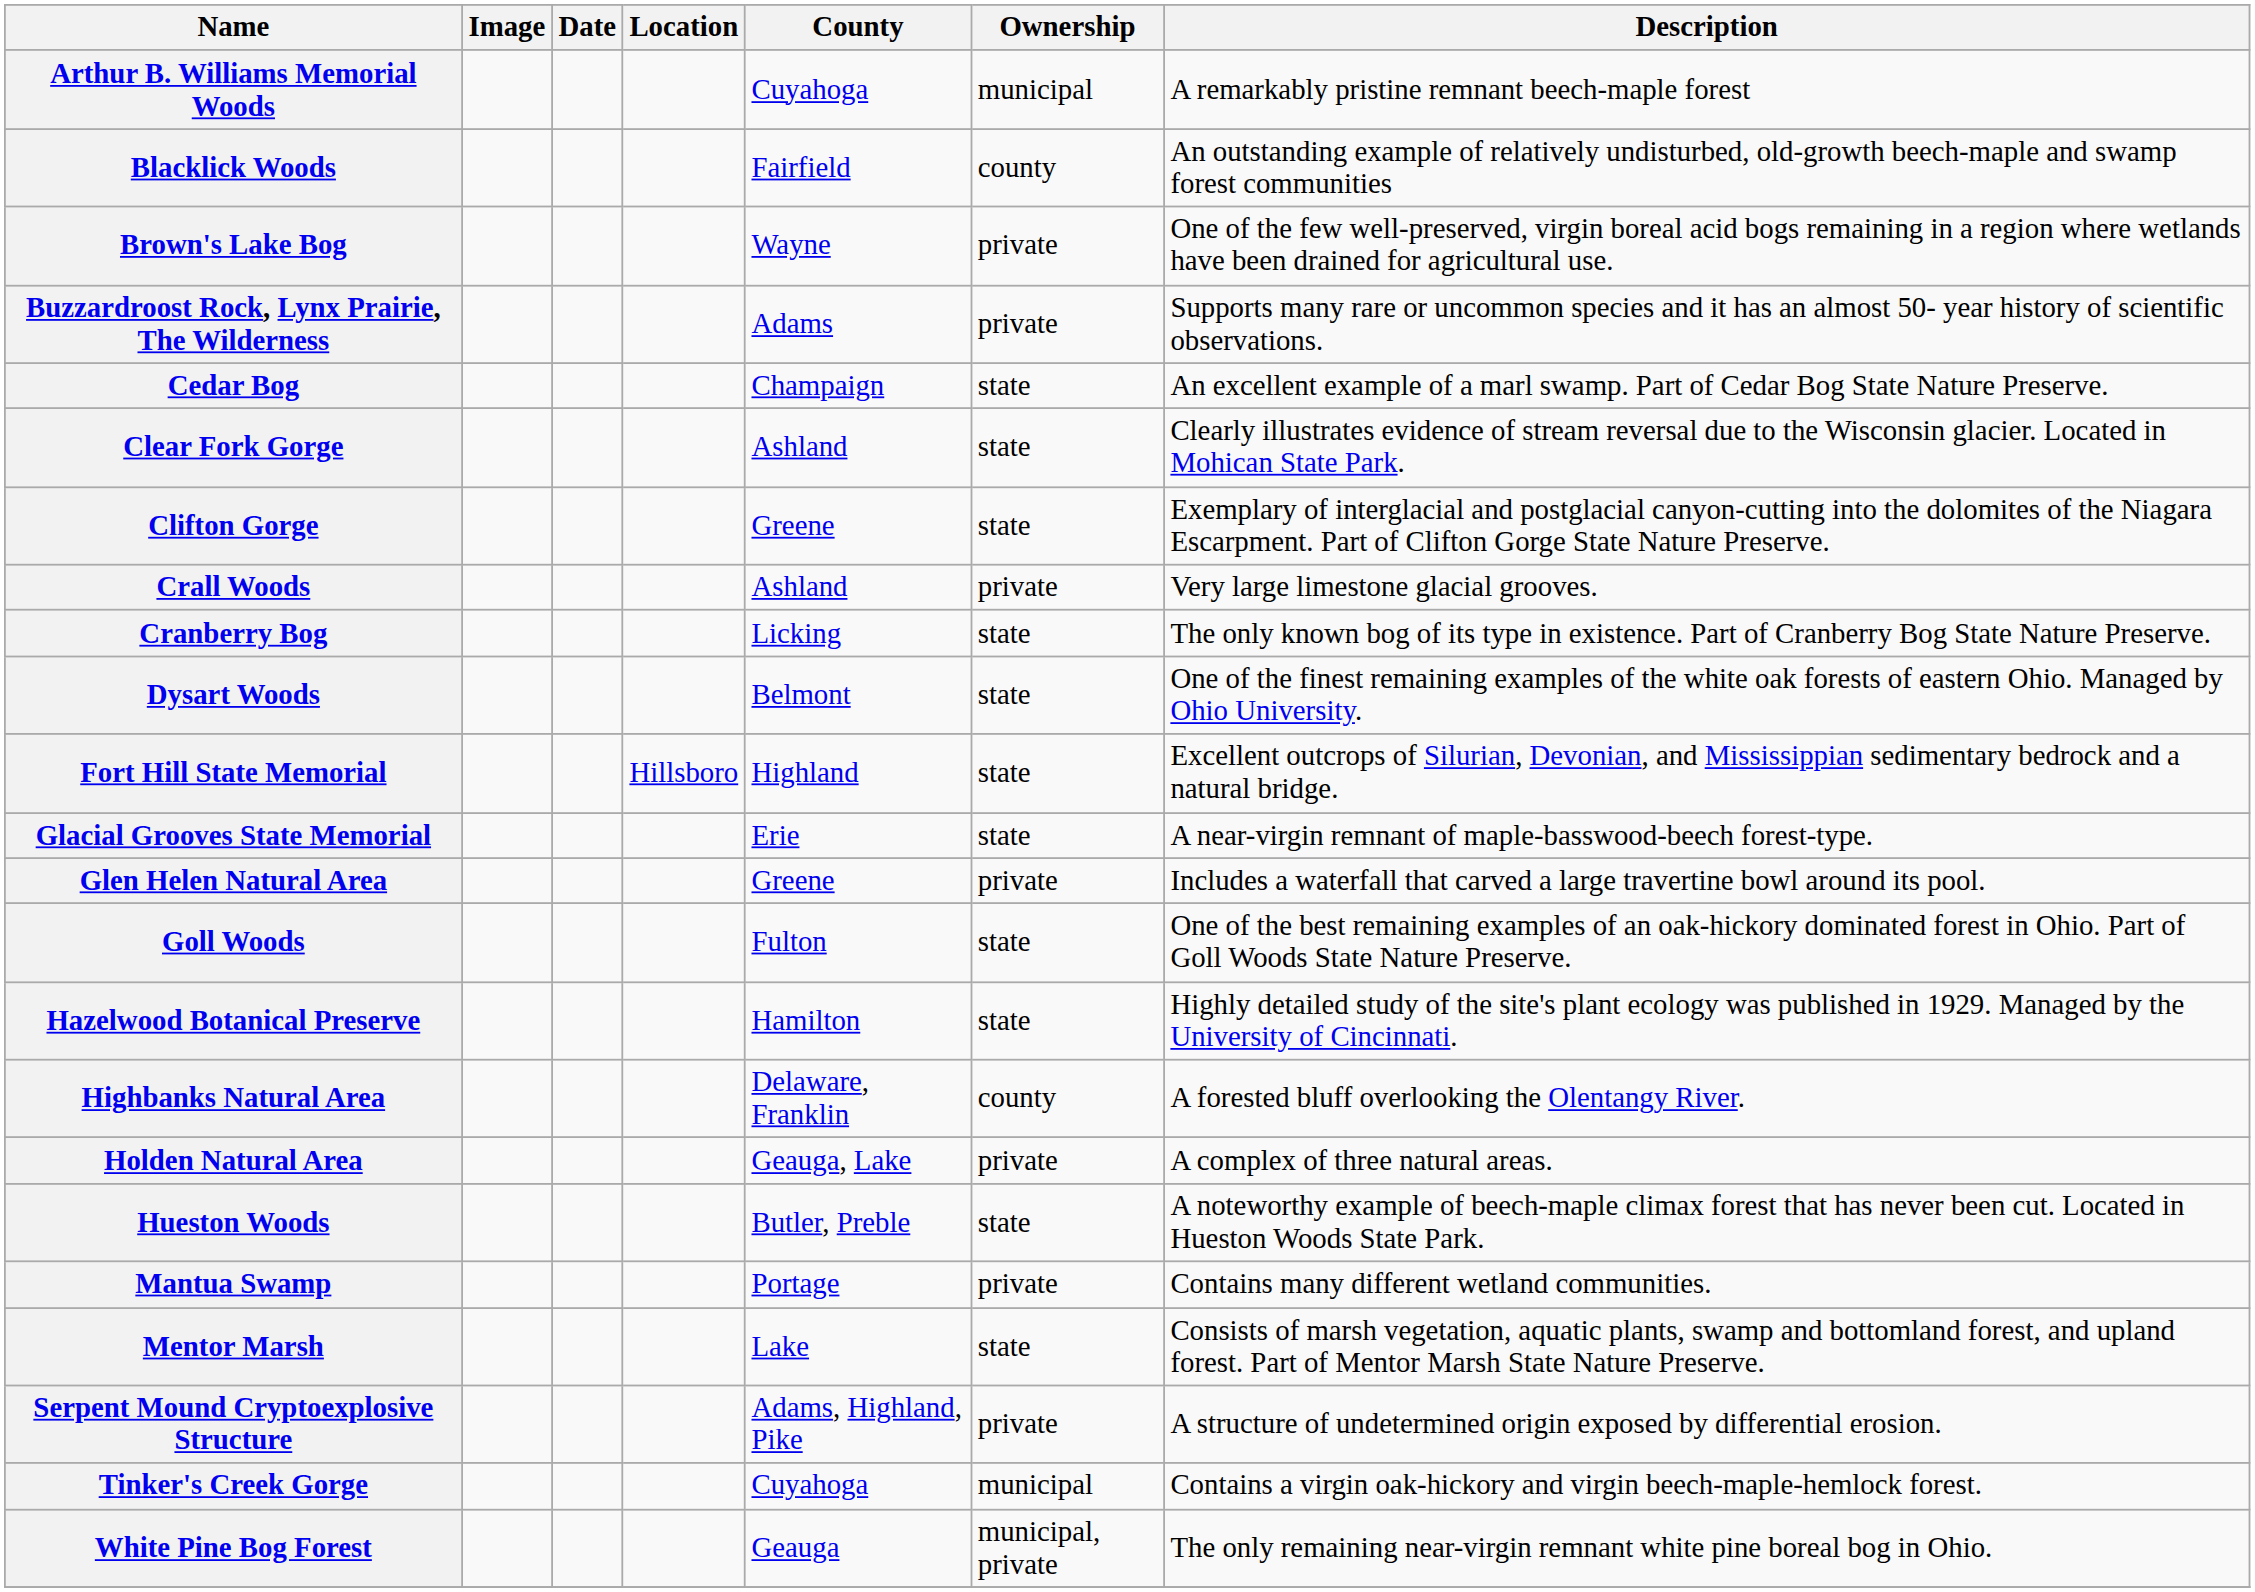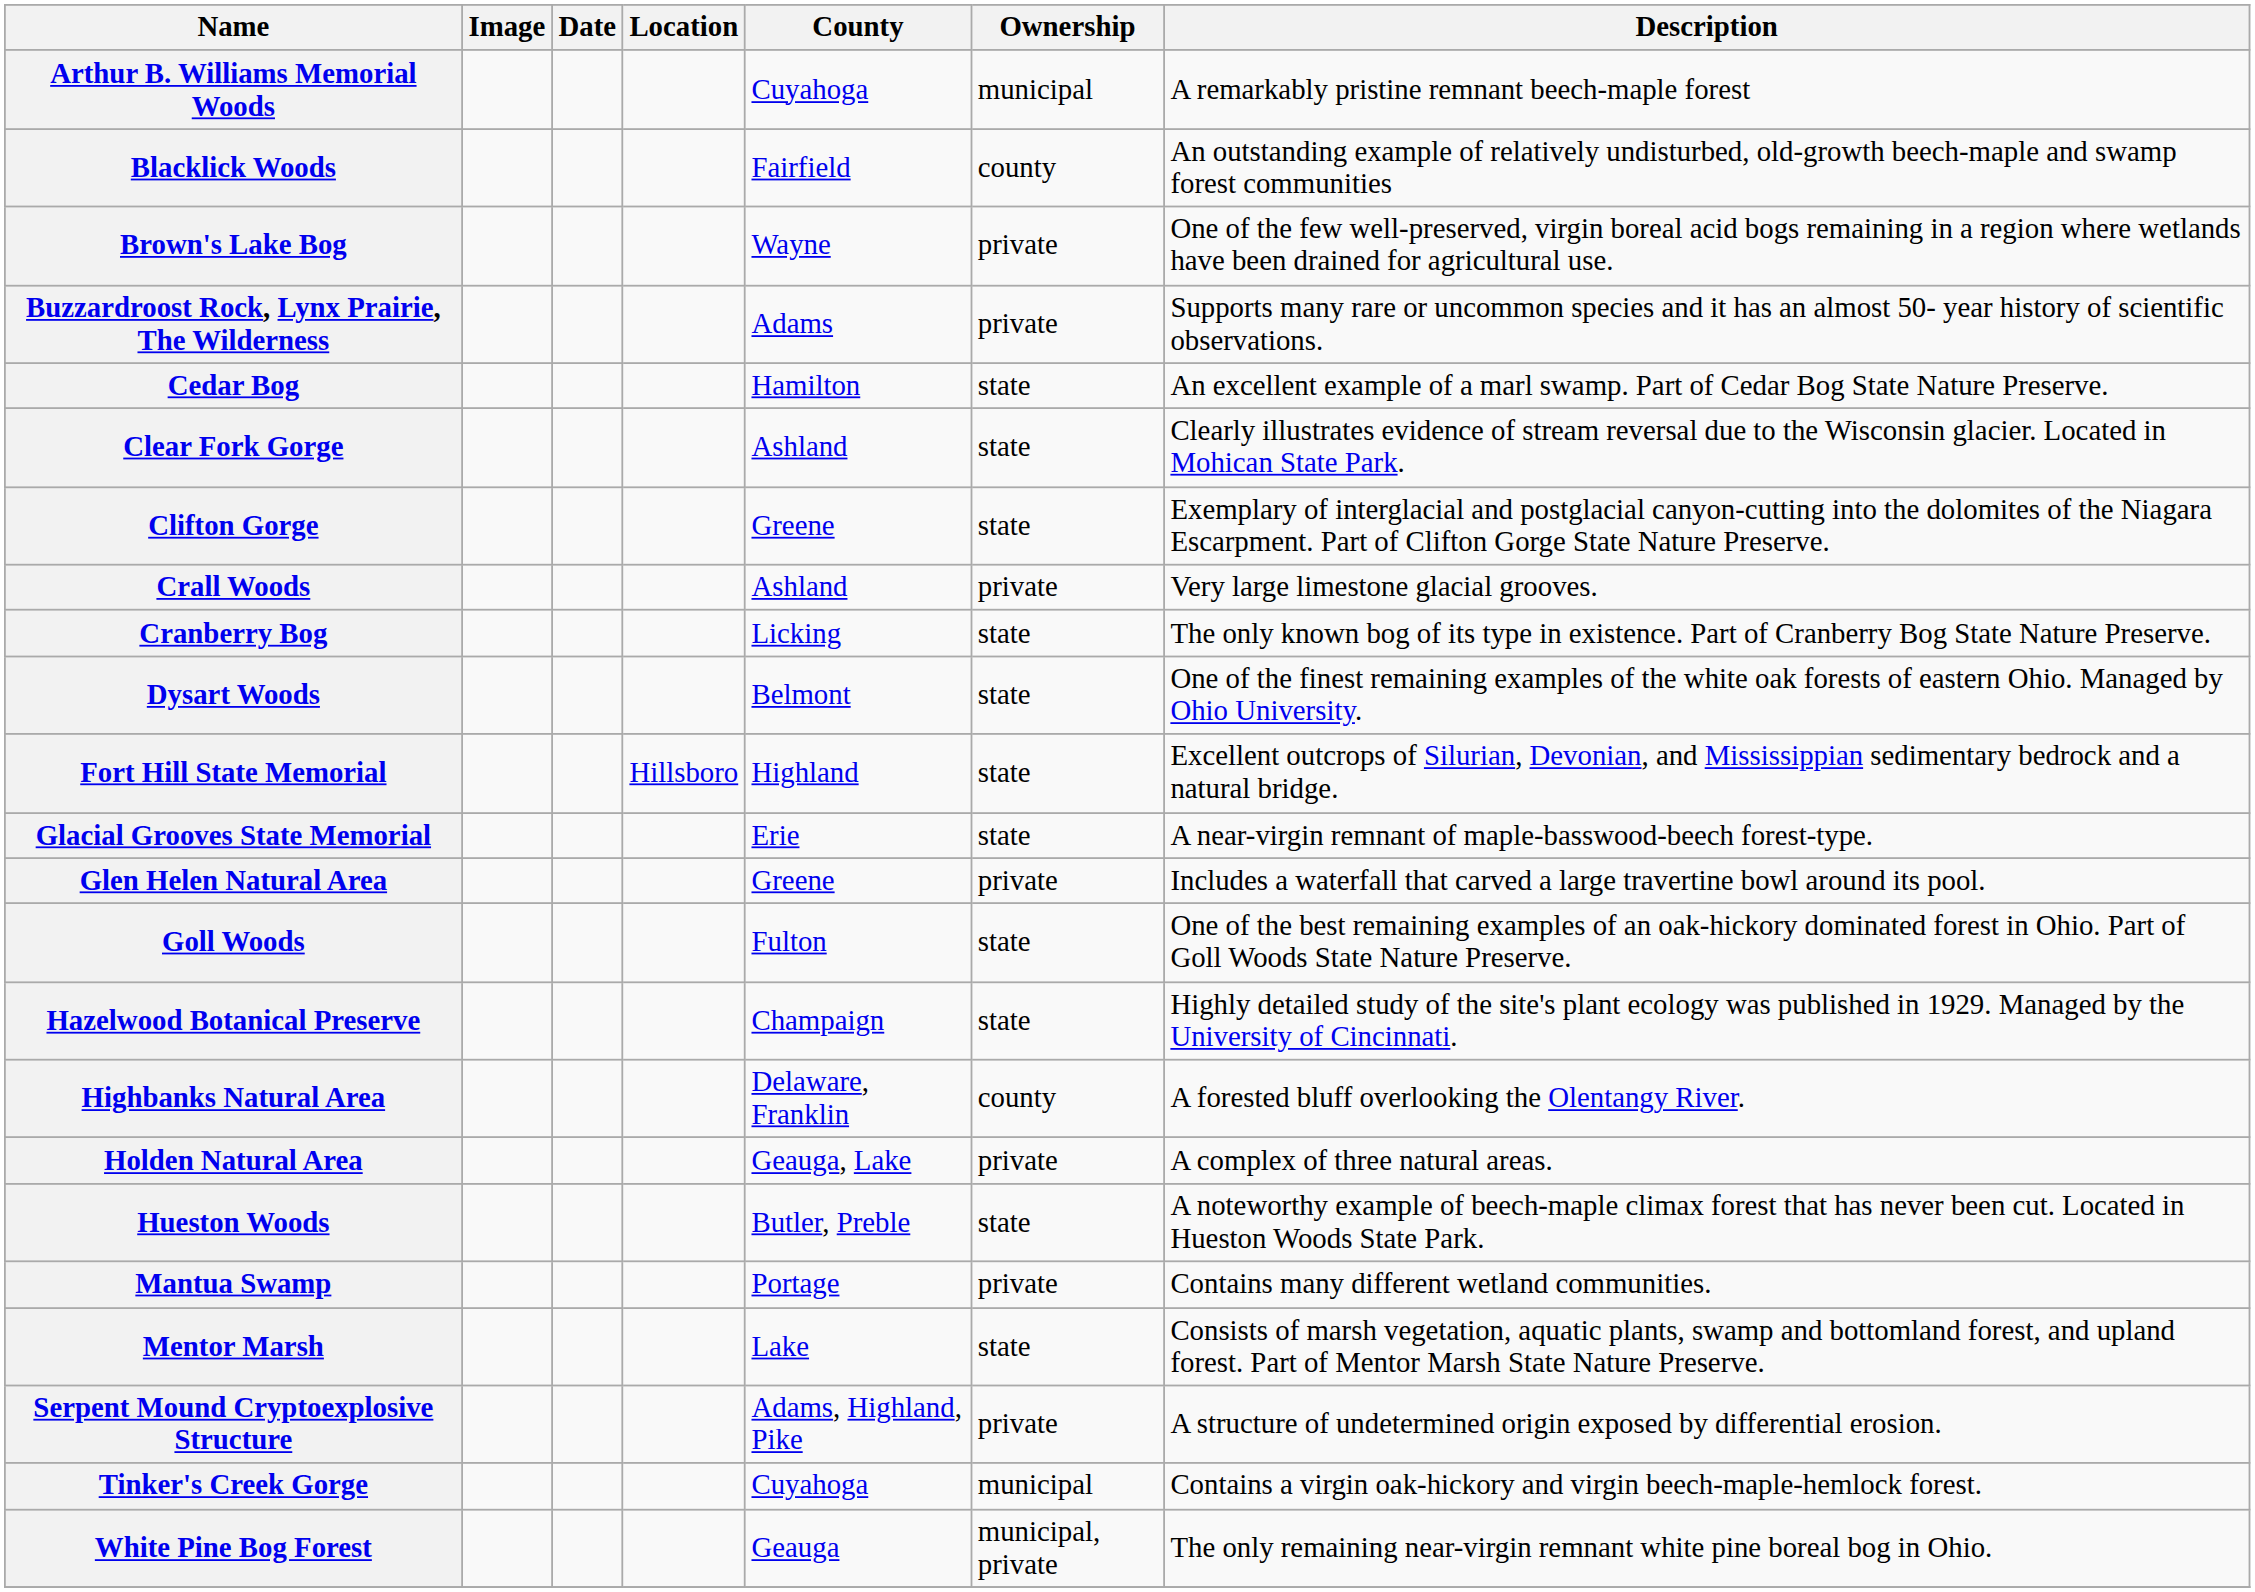 <table class="wikitable sortable" align="center">
 <tr>
 <th style="background-color:">Name</th>
 <th style="background-color:">Image</th>
 <th style="background-color:">Date</th>
 <th style="background-color:">Location</th>
 <th style="background-color:">County</th>
 <th style="background-color:">Ownership</th>
 <th style="background-color:">Description</th>
 </tr>
 <tr>
 <th><a href='#'>Arthur B. Williams Memorial Woods</a></th>
 <td></td>
 <td></td>
 <td></td>
 <td><a href='#'>Cuyahoga</a></td>
 <td>municipal</td>
 <td>A remarkably pristine remnant beech-maple forest</td>
 </tr>
 <tr>
 <th><a href='#'>Blacklick Woods</a></th>
 <td></td>
 <td></td>
 <td></td>
 <td><a href='#'>Fairfield</a></td>
 <td>county</td>
 <td>An outstanding example of relatively undisturbed, old-growth beech-maple and swamp forest communities</td>
 </tr>
 <tr>
 <th><a href='#'>Brown's Lake Bog</a></th>
 <td></td>
 <td></td>
 <td></td>
 <td><a href='#'>Wayne</a></td>
 <td>private</td>
 <td>One of the few well-preserved, virgin boreal acid bogs remaining in a region where wetlands have been drained for agricultural use.</td>
 </tr>
 <tr>
 <th><a href='#'>Buzzardroost Rock</a>, <a href='#'>Lynx Prairie</a>, <a href='#'>The Wilderness</a></th>
 <td></td>
 <td></td>
 <td></td>
 <td><a href='#'>Adams</a></td>
 <td>private</td>
 <td>Supports many rare or uncommon species and it has an almost 50- year history of scientific observations.</td>
 </tr>
 <tr>
 <th><a href='#'>Cedar Bog</a></th>
 <td></td>
 <td></td>
 <td></td>
-<td><a href='#'>Champaign</a></td>
+<td><a href='#'>Hamilton</a></td>
 <td>state</td>
 <td>An excellent example of a marl swamp. Part of Cedar Bog State Nature Preserve.</td>
 </tr>
 <tr>
 <th><a href='#'>Clear Fork Gorge</a></th>
 <td></td>
 <td></td>
 <td></td>
 <td><a href='#'>Ashland</a></td>
 <td>state</td>
 <td>Clearly illustrates evidence of stream reversal due to the Wisconsin glacier. Located in <a href='#'>Mohican State Park</a>.</td>
 </tr>
 <tr>
 <th><a href='#'>Clifton Gorge</a></th>
 <td></td>
 <td></td>
 <td></td>
 <td><a href='#'>Greene</a></td>
 <td>state</td>
 <td>Exemplary of interglacial and postglacial canyon-cutting into the dolomites of the Niagara Escarpment. Part of Clifton Gorge State Nature Preserve.</td>
 </tr>
 <tr>
 <th><a href='#'>Crall Woods</a></th>
 <td></td>
 <td></td>
 <td></td>
 <td><a href='#'>Ashland</a></td>
 <td>private</td>
 <td>Very large limestone glacial grooves.</td>
 </tr>
 <tr>
 <th><a href='#'>Cranberry Bog</a></th>
 <td></td>
 <td></td>
 <td></td>
 <td><a href='#'>Licking</a></td>
 <td>state</td>
 <td>The only known bog of its type in existence. Part of Cranberry Bog State Nature Preserve.</td>
 </tr>
 <tr>
 <th><a href='#'>Dysart Woods</a></th>
 <td></td>
 <td></td>
 <td></td>
 <td><a href='#'>Belmont</a></td>
 <td>state</td>
 <td>One of the finest remaining examples of the white oak forests of eastern Ohio. Managed by <a href='#'>Ohio University</a>.</td>
 </tr>
 <tr>
 <th><a href='#'>Fort Hill State Memorial</a></th>
 <td></td>
 <td></td>
 <td><a href='#'>Hillsboro</a><small></small></td>
 <td><a href='#'>Highland</a></td>
 <td>state</td>
 <td>Excellent outcrops of <a href='#'>Silurian</a>, <a href='#'>Devonian</a>, and <a href='#'>Mississippian</a> sedimentary bedrock and a natural bridge.</td>
 </tr>
 <tr>
 <th><a href='#'>Glacial Grooves State Memorial</a></th>
 <td></td>
 <td></td>
 <td></td>
 <td><a href='#'>Erie</a></td>
 <td>state</td>
 <td>A near-virgin remnant of maple-basswood-beech forest-type.</td>
 </tr>
 <tr>
 <th><a href='#'>Glen Helen Natural Area</a></th>
 <td></td>
 <td></td>
 <td></td>
 <td><a href='#'>Greene</a></td>
 <td>private</td>
 <td>Includes a waterfall that carved a large travertine bowl around its pool.</td>
 </tr>
 <tr>
 <th><a href='#'>Goll Woods</a></th>
 <td></td>
 <td></td>
 <td></td>
 <td><a href='#'>Fulton</a></td>
 <td>state</td>
 <td>One of the best remaining examples of an oak-hickory dominated forest in Ohio. Part of Goll Woods State Nature Preserve.</td>
 </tr>
 <tr>
 <th><a href='#'>Hazelwood Botanical Preserve</a></th>
 <td></td>
 <td></td>
 <td></td>
-<td><a href='#'>Hamilton</a></td>
+<td><a href='#'>Champaign</a></td>
 <td>state</td>
 <td>Highly detailed study of the site's plant ecology was published in 1929. Managed by the <a href='#'>University of Cincinnati</a>.</td>
 </tr>
 <tr>
 <th><a href='#'>Highbanks Natural Area</a></th>
 <td></td>
 <td></td>
 <td></td>
 <td><a href='#'>Delaware</a>, <a href='#'>Franklin</a></td>
 <td>county</td>
 <td>A forested bluff overlooking the <a href='#'>Olentangy River</a>.</td>
 </tr>
 <tr>
 <th><a href='#'>Holden Natural Area</a></th>
 <td></td>
 <td></td>
 <td></td>
 <td><a href='#'>Geauga</a>, <a href='#'>Lake</a></td>
 <td>private</td>
 <td>A complex of three natural areas.</td>
 </tr>
 <tr>
 <th><a href='#'>Hueston Woods</a></th>
 <td></td>
 <td></td>
 <td></td>
 <td><a href='#'>Butler</a>, <a href='#'>Preble</a></td>
 <td>state</td>
 <td>A noteworthy example of beech-maple climax forest that has never been cut. Located in Hueston Woods State Park.</td>
 </tr>
 <tr>
 <th><a href='#'>Mantua Swamp</a></th>
 <td></td>
 <td></td>
 <td></td>
 <td><a href='#'>Portage</a></td>
 <td>private</td>
 <td>Contains many different wetland communities.</td>
 </tr>
 <tr>
 <th><a href='#'>Mentor Marsh</a></th>
 <td></td>
 <td></td>
 <td></td>
 <td><a href='#'>Lake</a></td>
 <td>state</td>
 <td>Consists of marsh vegetation, aquatic plants, swamp and bottomland forest, and upland forest. Part of Mentor Marsh State Nature Preserve.</td>
 </tr>
 <tr>
 <th><a href='#'>Serpent Mound Cryptoexplosive Structure</a></th>
 <td></td>
 <td></td>
 <td></td>
 <td><a href='#'>Adams</a>, <a href='#'>Highland</a>, <a href='#'>Pike</a></td>
 <td>private</td>
 <td>A structure of undetermined origin exposed by differential erosion.</td>
 </tr>
 <tr>
 <th><a href='#'>Tinker's Creek Gorge</a></th>
 <td></td>
 <td></td>
 <td></td>
 <td><a href='#'>Cuyahoga</a></td>
 <td>municipal</td>
 <td>Contains a virgin oak-hickory and virgin beech-maple-hemlock forest.</td>
 </tr>
 <tr>
 <th><a href='#'>White Pine Bog Forest</a></th>
 <td></td>
 <td></td>
 <td></td>
 <td><a href='#'>Geauga</a></td>
 <td>municipal, private</td>
 <td>The only remaining near-virgin remnant white pine boreal bog in Ohio.</td>
 </tr>
 <tr>
 </tr>
 </table>
